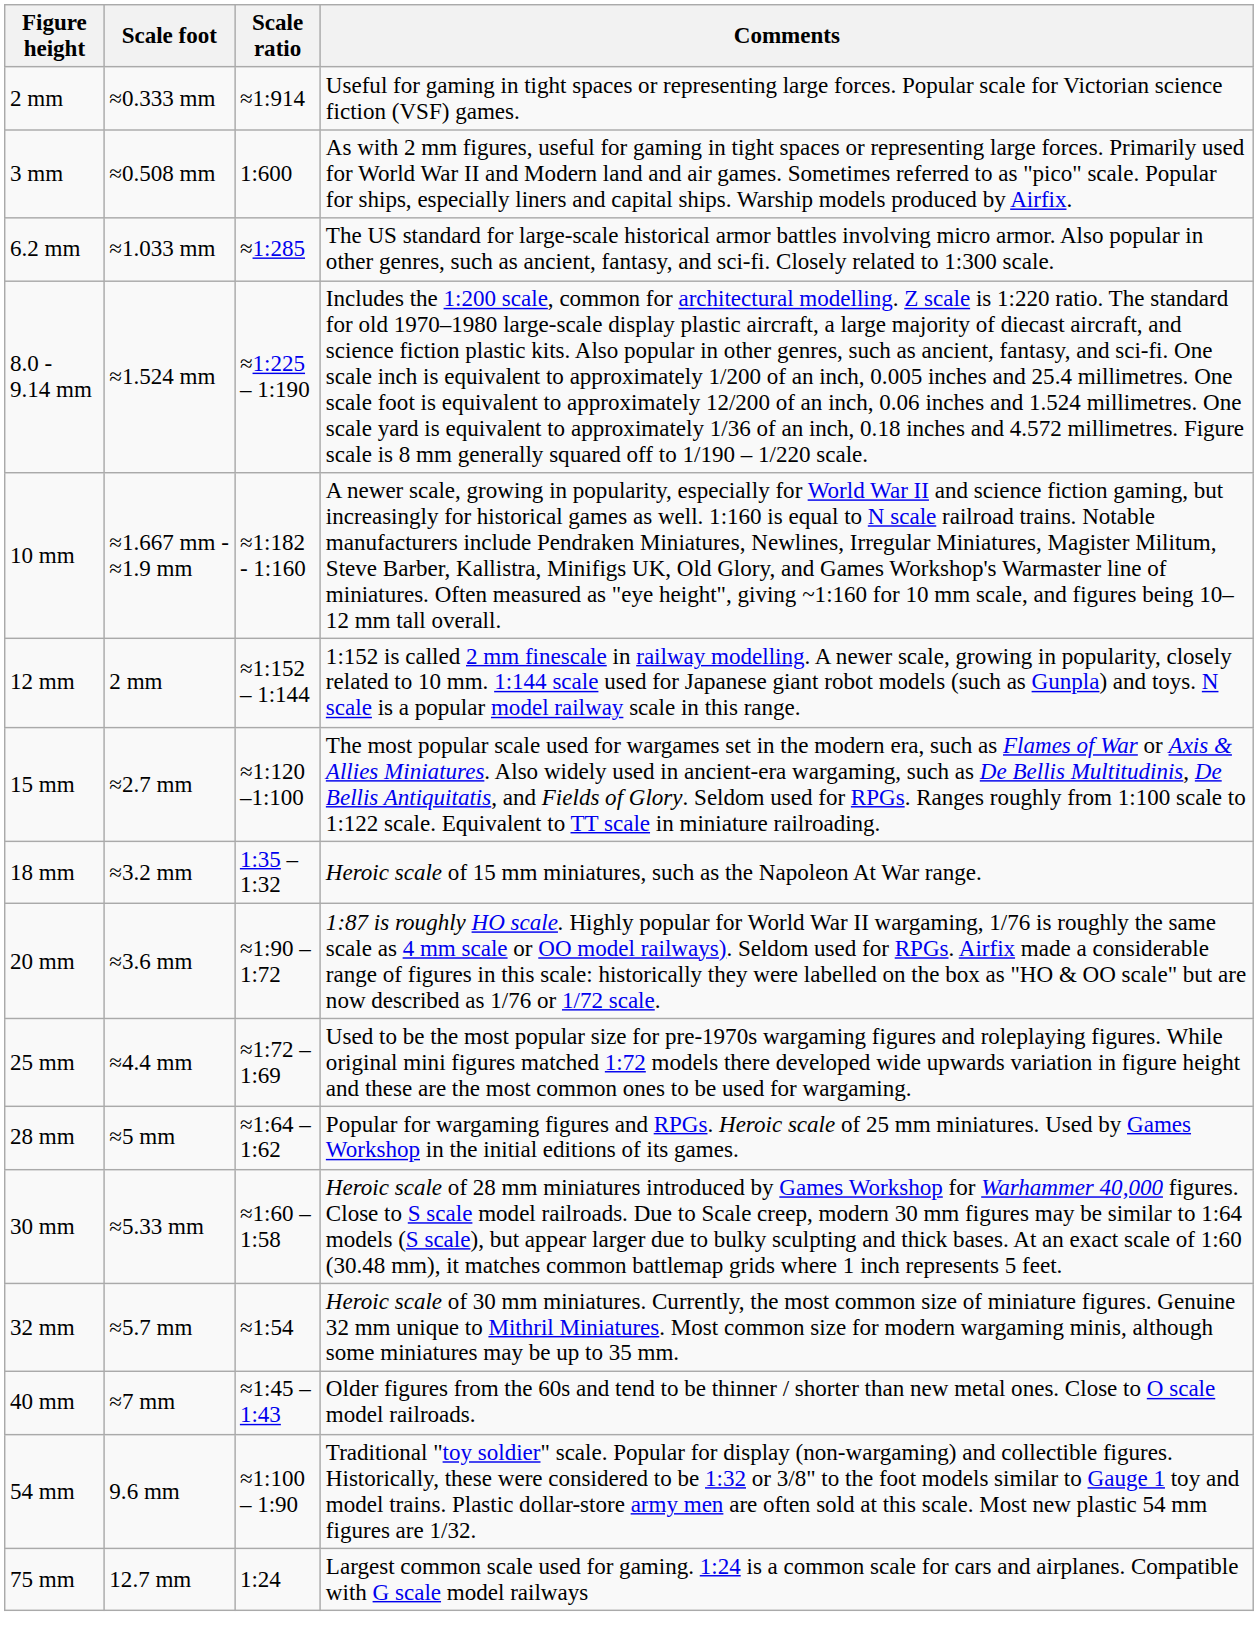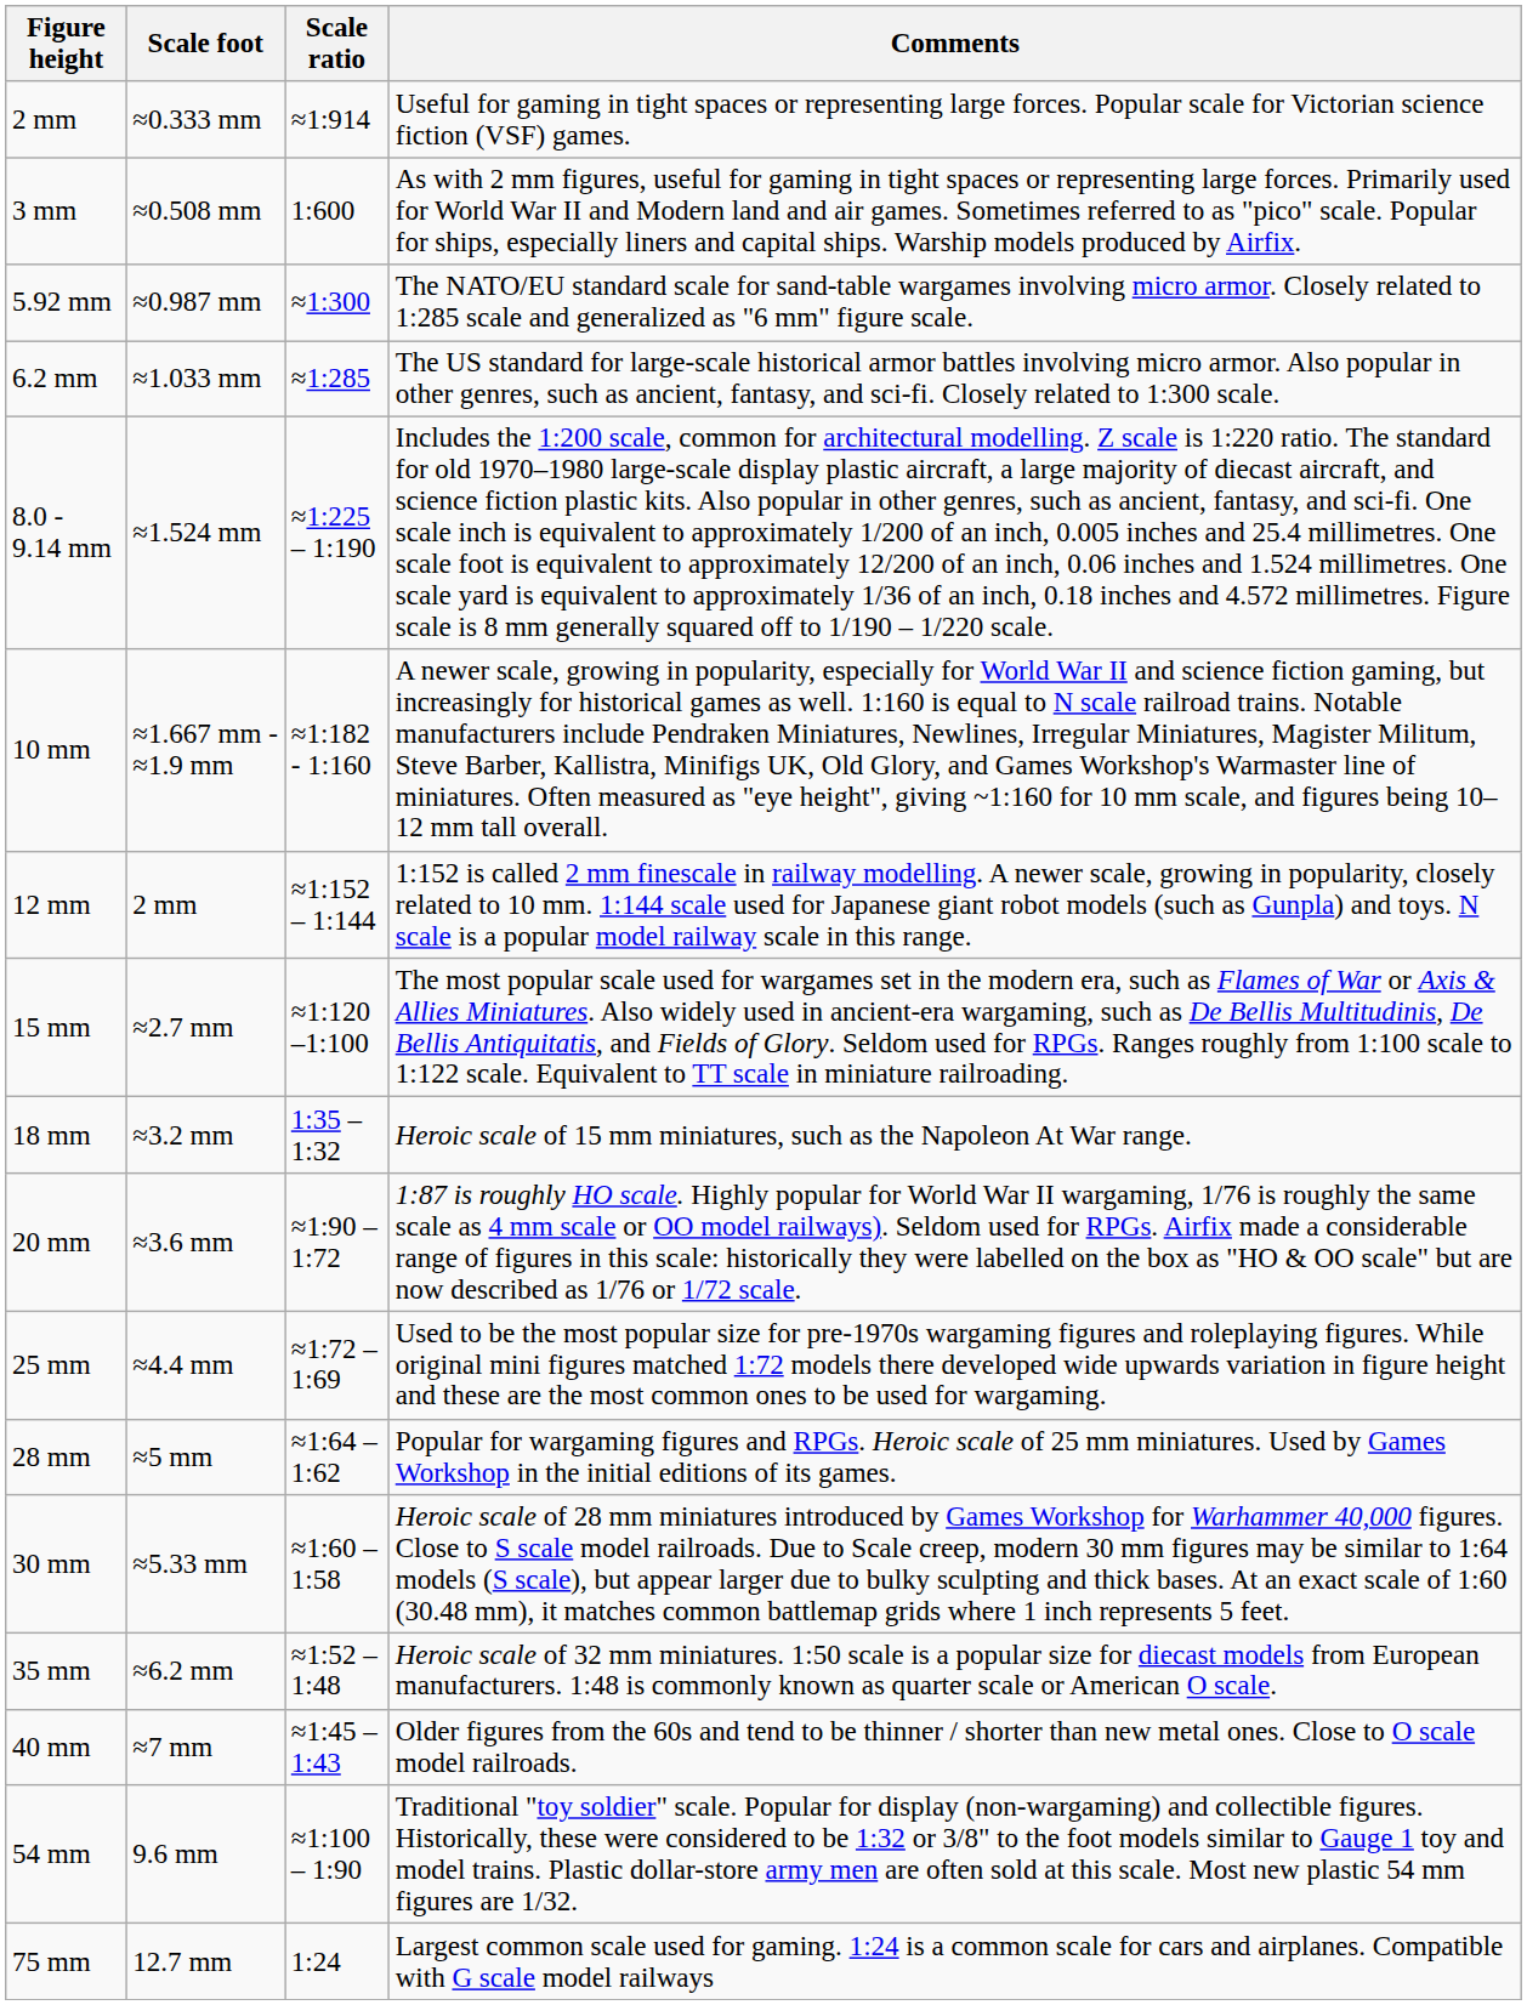 <table class="wikitable">
 <tr>
 <th>Figure height</th>
 <th>Scale foot</th>
 <th>Scale ratio</th>
 <th>Comments</th>
 </tr>
 <tr>
 <td>2 mm</td>
 <td>≈0.333 mm</td>
 <td>≈1:914</td>
 <td>Useful for gaming in tight spaces or representing large forces. Popular scale for Victorian science fiction (VSF) games.</td>
 </tr>
 <tr>
 <td>3 mm</td>
 <td>≈0.508 mm</td>
 <td>1:600</td>
 <td>As with 2 mm figures, useful for gaming in tight spaces or representing large forces. Primarily used for World War II and Modern land and air games. Sometimes referred to as "pico" scale. Popular for ships, especially liners and capital ships. Warship models produced by <a href='#'>Airfix</a>.</td>
+</tr>
+<tr>
+<td>5.92 mm</td>
+<td>≈0.987 mm</td>
+<td>≈<a href='#'>1:300</a></td>
+<td>The NATO/EU standard scale for sand-table wargames involving <a href='#'>micro armor</a>. Closely related to 1:285 scale and generalized as "6 mm" figure scale.</td>
 </tr>
 <tr>
 <td>6.2 mm</td>
 <td>≈1.033 mm</td>
 <td>≈<a href='#'>1:285</a></td>
 <td>The US standard for large-scale historical armor battles involving micro armor. Also popular in other genres, such as ancient, fantasy, and sci-fi. Closely related to 1:300 scale.</td>
 </tr>
 <tr>
 <td>8.0 - 9.14 mm</td>
 <td>≈1.524 mm</td>
 <td>≈<a href='#'>1:225</a> – 1:190</td>
 <td>Includes the <a href='#'>1:200 scale</a>, common for <a href='#'>architectural modelling</a>. <a href='#'>Z scale</a> is 1:220 ratio. The standard for old 1970–1980 large-scale display plastic aircraft, a large majority of diecast aircraft, and science fiction plastic kits. Also popular in other genres, such as ancient, fantasy, and sci-fi. One scale inch is equivalent to approximately 1/200 of an inch, 0.005 inches and 25.4 millimetres. One scale foot is equivalent to approximately 12/200 of an inch, 0.06 inches and 1.524 millimetres. One scale yard is equivalent to approximately 1/36 of an inch, 0.18 inches and 4.572 millimetres. Figure scale is 8 mm generally squared off to 1/190 – 1/220 scale.</td>
 </tr>
 <tr>
 <td>10 mm</td>
 <td>≈1.667 mm - ≈1.9 mm</td>
 <td>≈1:182 - 1:160</td>
 <td>A newer scale, growing in popularity, especially for <a href='#'>World War II</a> and science fiction gaming, but increasingly for historical games as well. 1:160 is equal to <a href='#'>N scale</a> railroad trains. Notable manufacturers include Pendraken Miniatures, Newlines, Irregular Miniatures, Magister Militum, Steve Barber, Kallistra, Minifigs UK, Old Glory, and Games Workshop's Warmaster line of miniatures. Often measured as "eye height", giving ~1:160 for 10 mm scale, and figures being 10–12 mm tall overall.</td>
 </tr>
 <tr>
 <td>12 mm</td>
 <td>2 mm</td>
 <td>≈1:152 – 1:144</td>
 <td>1:152 is called <a href='#'>2 mm finescale</a> in <a href='#'>railway modelling</a>. A newer scale, growing in popularity, closely related to 10 mm. <a href='#'>1:144 scale</a> used for Japanese giant robot models (such as <a href='#'>Gunpla</a>) and toys. <a href='#'>N scale</a>  is a popular <a href='#'>model railway</a> scale in this range.</td>
 </tr>
 <tr>
 <td>15 mm</td>
 <td>≈2.7 mm</td>
 <td>≈1:120 –1:100</td>
 <td>The most popular scale used for wargames set in the modern era, such as <em><a href='#'>Flames of War</a></em> or <em><a href='#'>Axis & Allies Miniatures</a></em>. Also widely used in ancient-era wargaming, such as <em><a href='#'>De Bellis Multitudinis</a></em>, <em><a href='#'>De Bellis Antiquitatis</a></em>, and <em>Fields of Glory</em>. Seldom used for <a href='#'>RPGs</a>. Ranges roughly from 1:100 scale to 1:122 scale. Equivalent to <a href='#'>TT scale</a> in miniature railroading.</td>
 </tr>
 <tr>
 <td>18 mm</td>
 <td>≈3.2 mm</td>
 <td><a href='#'>1:35</a> –1:32</td>
 <td><em>Heroic</em> <em>scale</em> of 15 mm miniatures, such as the Napoleon At War range.</td>
 </tr>
 <tr>
 <td>20 mm</td>
 <td>≈3.6 mm</td>
 <td>≈1:90 – 1:72</td>
 <td><em>1:87 is roughly <a href='#'>HO scale</a>.</em> Highly popular for World War II wargaming, 1/76 is roughly the same scale as <a href='#'>4 mm scale</a> or <a href='#'>OO model railways)</a>. Seldom used for <a href='#'>RPGs</a>. <a href='#'>Airfix</a> made a considerable range of figures in this scale: historically they were labelled on the box as "HO & OO scale" but are now described as 1/76 or <a href='#'>1/72 scale</a>.</td>
 </tr>
 <tr>
 <td>25 mm</td>
 <td>≈4.4 mm</td>
 <td>≈1:72 – 1:69</td>
 <td>Used to be the most popular size for pre-1970s wargaming figures and roleplaying figures. While original mini figures matched <a href='#'>1:72</a> models  there developed wide upwards variation in figure height  and these are the most common ones to be used for wargaming.</td>
 </tr>
 <tr>
 <td>28 mm</td>
 <td>≈5 mm</td>
 <td>≈1:64 – 1:62</td>
 <td>Popular for wargaming figures and <a href='#'>RPGs</a>. <em>Heroic scale</em> of 25 mm miniatures. Used by <a href='#'>Games Workshop</a> in the initial editions of its games.</td>
 </tr>
 <tr>
 <td>30 mm</td>
 <td>≈5.33 mm</td>
 <td>≈1:60 – 1:58</td>
 <td><em>Heroic scale</em> of 28 mm miniatures introduced by <a href='#'>Games Workshop</a> for <em><a href='#'>Warhammer 40,000</a></em> figures. Close to <a href='#'>S scale</a> model railroads. Due to Scale creep, modern 30 mm figures may be similar to 1:64 models (<a href='#'>S scale</a>), but appear larger due to bulky sculpting and thick bases. At an exact scale of 1:60 (30.48 mm), it matches common battlemap grids where 1 inch represents 5 feet.</td>
 </tr>
 <tr>
-<td>32 mm</td>
-<td>≈5.7 mm</td>
-<td>≈1:54</td>
-<td><em>Heroic scale</em> of 30 mm miniatures. Currently, the most common size of miniature figures. Genuine 32 mm unique to <a href='#'>Mithril Miniatures</a>. Most common size for modern wargaming minis, although some miniatures may be up to 35 mm.</td>
+<td>35 mm</td>
+<td>≈6.2 mm</td>
+<td>≈1:52 – 1:48</td>
+<td><em>Heroic scale</em> of 32 mm miniatures. 1:50 scale is a popular size for <a href='#'>diecast models</a> from European manufacturers. 1:48 is commonly known as quarter scale or American <a href='#'>O scale</a>.</td>
 </tr>
 <tr>
 <td>40 mm</td>
 <td>≈7 mm</td>
 <td>≈1:45 – <a href='#'>1:43</a></td>
 <td>Older figures from the 60s and tend to be thinner / shorter than new metal ones. Close to <a href='#'>O scale</a> model railroads.</td>
 </tr>
 <tr>
 <td>54 mm</td>
 <td>9.6 mm</td>
 <td>≈1:100 – 1:90</td>
 <td>Traditional "<a href='#'>toy soldier</a>" scale. Popular for display (non-wargaming) and collectible figures. Historically, these were considered to be <a href='#'>1:32</a> or 3/8" to the foot models similar to <a href='#'>Gauge 1</a> toy and model trains. Plastic dollar-store <a href='#'>army men</a> are often sold at this scale. Most new plastic 54 mm figures are 1/32.</td>
 </tr>
 <tr>
 <td>75 mm</td>
 <td>12.7 mm</td>
 <td>1:24</td>
 <td>Largest common scale used for gaming. <a href='#'>1:24</a> is a common scale for cars and airplanes. Compatible with <a href='#'>G scale</a> model railways</td>
 </tr>
 </table>
